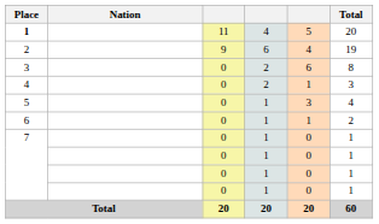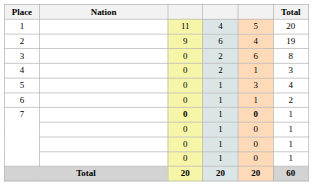 <table class=wikitable style="border:1px solid #AAAAAA;font-size:90%">
 <tr bgcolor="#EFEFEF">
 <th width=50>Place</th>
 <th width=200>Nation</th>
 <th width=50></th>
 <th width=50></th>
 <th width=50></th>
 <th width=50>Total</th>
 </tr>
 <tr align="center" valign="top" bgcolor="#FFFFFF">
-<td><strong>1</strong></td>
+<td>1</td>
 <td align="left"></td>
 <td style="background:#F7F6A8;">11</td>
 <td style="background:#DCE5E5;">4</td>
 <td style="background:#FFDAB9;">5</td>
 <td>20</td>
 </tr>
 <tr align="center" valign="top" bgcolor="#FFFFFF">
 <td>2</td>
 <td align="left"></td>
 <td style="background:#F7F6A8;">9</td>
 <td style="background:#DCE5E5;">6</td>
 <td style="background:#FFDAB9;">4</td>
 <td>19</td>
 </tr>
 <tr align="center" valign="top" bgcolor="#FFFFFF">
 <td>3</td>
 <td align="left"></td>
 <td style="background:#F7F6A8;">0</td>
 <td style="background:#DCE5E5;">2</td>
 <td style="background:#FFDAB9;">6</td>
 <td>8</td>
 </tr>
 <tr align="center" valign="top" bgcolor="#FFFFFF">
 <td>4</td>
 <td align="left"></td>
 <td style="background:#F7F6A8;">0</td>
 <td style="background:#DCE5E5;">2</td>
 <td style="background:#FFDAB9;">1</td>
 <td>3</td>
 </tr>
 <tr align="center" valign="top" bgcolor="#FFFFFF">
 <td>5</td>
 <td align="left"></td>
 <td style="background:#F7F6A8;">0</td>
 <td style="background:#DCE5E5;">1</td>
 <td style="background:#FFDAB9;">3</td>
 <td>4</td>
 </tr>
 <tr align="center" valign="top" bgcolor="#FFFFFF">
 <td>6</td>
 <td align="left"></td>
 <td style="background:#F7F6A8;">0</td>
 <td style="background:#DCE5E5;">1</td>
 <td style="background:#FFDAB9;">1</td>
 <td>2</td>
 </tr>
 <tr align="center" valign="top" bgcolor="#FFFFFF">
 <td rowspan="4" valign="center">7</td>
 <td align="left"></td>
-<td style="background:#F7F6A8;">0</td>
+<td style="background:#F7F6A8;"><strong>0</strong></td>
 <td style="background:#DCE5E5;">1</td>
-<td style="background:#FFDAB9;">0</td>
+<td style="background:#FFDAB9;"><strong>0</strong></td>
 <td>1</td>
 </tr>
 <tr align="center" valign="top" bgcolor="#FFFFFF">
 <td align="left"></td>
 <td style="background:#F7F6A8;">0</td>
 <td style="background:#DCE5E5;">1</td>
 <td style="background:#FFDAB9;">0</td>
 <td>1</td>
 </tr>
 <tr align="center" valign="top" bgcolor="#FFFFFF">
 <td align="left"></td>
 <td style="background:#F7F6A8;">0</td>
 <td style="background:#DCE5E5;">1</td>
 <td style="background:#FFDAB9;">0</td>
 <td>1</td>
 </tr>
 <tr align="center" valign="top" bgcolor="#FFFFFF">
 <td align="left"></td>
 <td style="background:#F7F6A8;">0</td>
 <td style="background:#DCE5E5;">1</td>
 <td style="background:#FFDAB9;">0</td>
 <td>1</td>
 </tr>
 <tr align="center">
 <td colspan="2" bgcolor=D3D3D3><strong>Total</strong></td>
 <td style="background:#F7F6A8;"><strong>20</strong></td>
 <td style="background:#DCE5E5;"><strong>20</strong></td>
 <td style="background:#FFDAB9;"><strong>20</strong></td>
 <td bgcolor=D3D3D3><strong>60</strong></td>
 </tr>
 </table>
